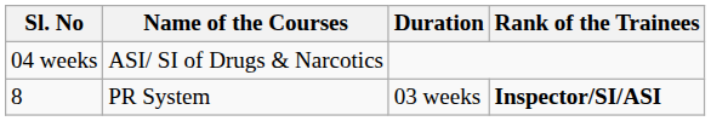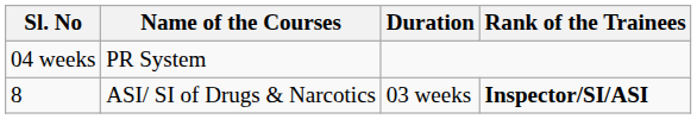 <table class="wikitable">
 <tr>
 <th>Sl. No</th>
 <th>Name of the Courses</th>
 <th>Duration</th>
 <th>Rank of the Trainees</th>
 </tr>
 <tr>
 <td>04 weeks</td>
-<td>ASI/ SI of Drugs & Narcotics</td>
+<td>PR System</td>
 </tr>
 <tr>
 <td>8</td>
-<td>PR System</td>
+<td>ASI/ SI of Drugs & Narcotics</td>
 <td>03 weeks</td>
 <td><strong>Inspector/SI/ASI</strong></td>
 </tr>
 </table>
